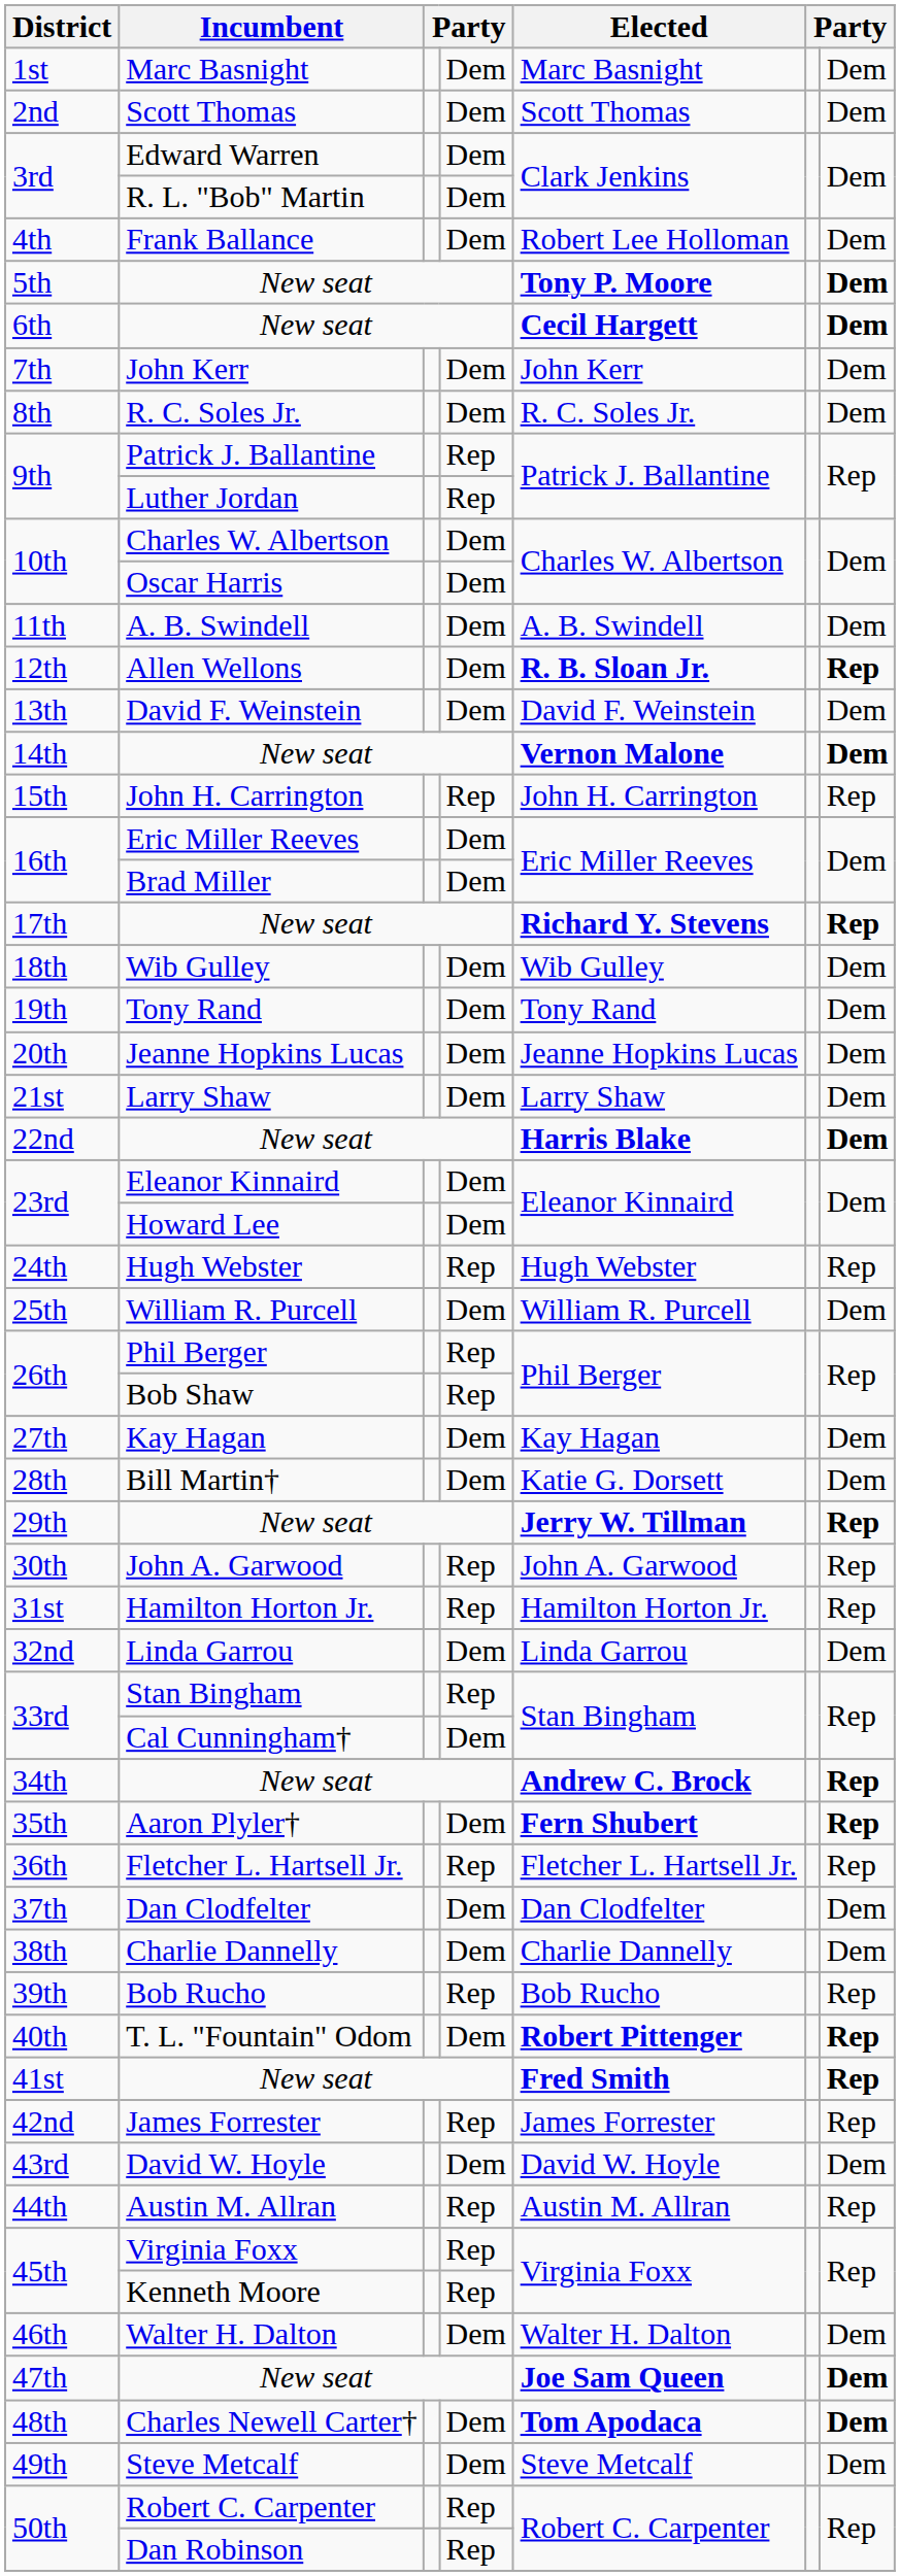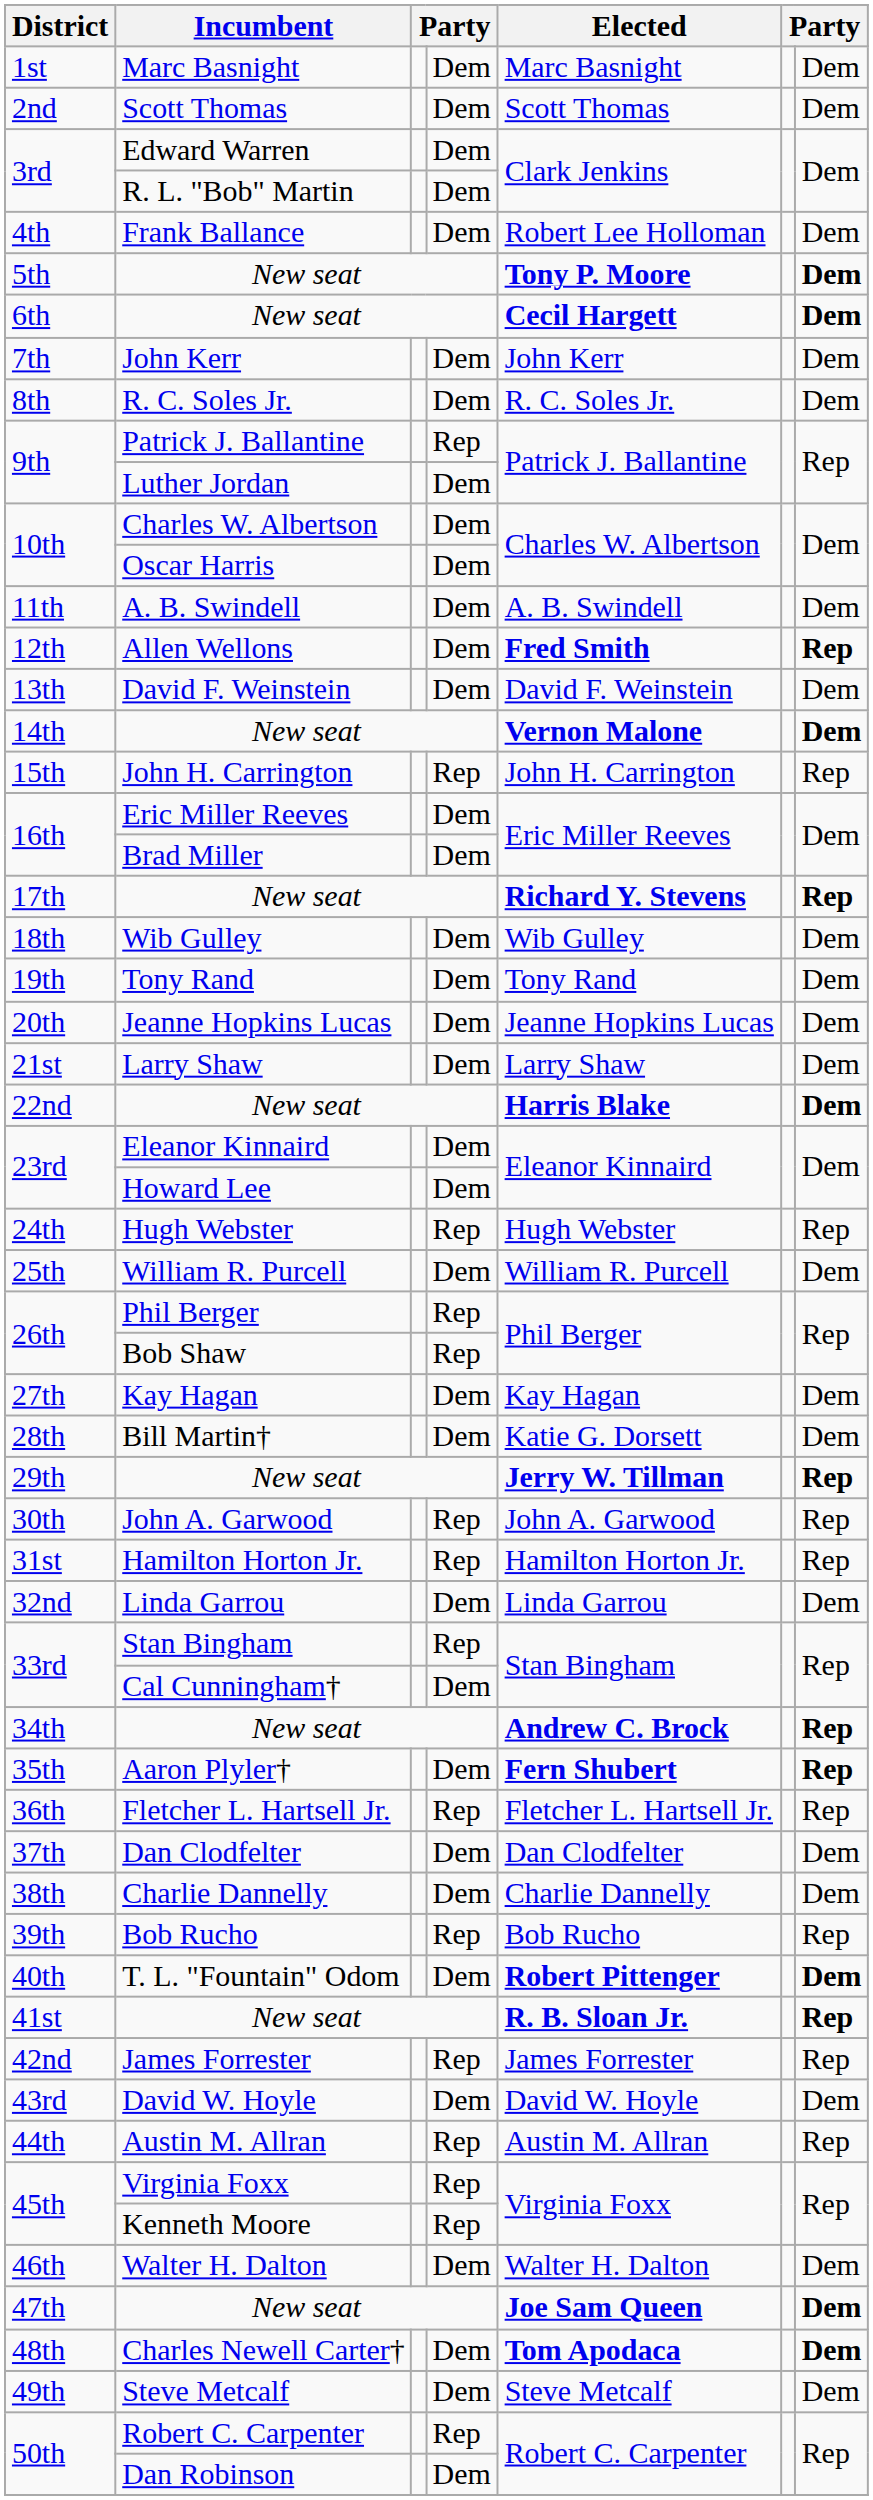 <table class="sortable wikitable" style="font-size:95%;line-height:14px;">
 <tr>
 <th class="unsortable">District</th>
 <th class="unsortable"><a href='#'>Incumbent</a></th>
 <th colspan="2">Party</th>
 <th class="unsortable">Elected</th>
 <th colspan="2">Party</th>
 </tr>
 <tr>
 <td><a href='#'>1st</a></td>
 <td><a href='#'>Marc Basnight</a></td>
 <td style="background:"></td>
 <td>Dem</td>
 <td><a href='#'>Marc Basnight</a></td>
 <td style="background:"></td>
 <td>Dem</td>
 </tr>
 <tr>
 <td><a href='#'>2nd</a></td>
 <td><a href='#'>Scott Thomas</a></td>
 <td style="background:"></td>
 <td>Dem</td>
 <td><a href='#'>Scott Thomas</a></td>
 <td style="background:"></td>
 <td>Dem</td>
 </tr>
 <tr>
 <td rowspan=2><a href='#'>3rd</a></td>
 <td>Edward Warren</td>
 <td style="background:"></td>
 <td>Dem</td>
 <td rowspan=2><a href='#'>Clark Jenkins</a></td>
 <td rowspan=2 style="background:"></td>
 <td rowspan=2>Dem</td>
 </tr>
 <tr>
 <td>R. L. "Bob" Martin</td>
 <td style="background:"></td>
 <td>Dem</td>
 </tr>
 <tr>
 <td><a href='#'>4th</a></td>
 <td><a href='#'>Frank Ballance</a></td>
 <td style="background:"></td>
 <td>Dem</td>
 <td><a href='#'>Robert Lee Holloman</a></td>
 <td style="background:"></td>
 <td>Dem</td>
 </tr>
 <tr>
 <td><a href='#'>5th</a></td>
 <td colspan=3 align=center><em>New seat</em></td>
 <td><strong><a href='#'>Tony P. Moore</a></strong></td>
 <td style="background:"></td>
 <td><strong>Dem</strong></td>
 </tr>
 <tr>
 <td><a href='#'>6th</a></td>
 <td colspan=3 align=center><em>New seat</em></td>
 <td><strong><a href='#'>Cecil Hargett</a></strong></td>
 <td style="background:"></td>
 <td><strong>Dem</strong></td>
 </tr>
 <tr>
 <td><a href='#'>7th</a></td>
 <td><a href='#'>John Kerr</a></td>
 <td style="background:"></td>
 <td>Dem</td>
 <td><a href='#'>John Kerr</a></td>
 <td style="background:"></td>
 <td>Dem</td>
 </tr>
 <tr>
 <td><a href='#'>8th</a></td>
 <td><a href='#'>R. C. Soles Jr.</a></td>
 <td style="background:"></td>
 <td>Dem</td>
 <td><a href='#'>R. C. Soles Jr.</a></td>
 <td style="background:"></td>
 <td>Dem</td>
 </tr>
 <tr>
 <td rowspan=2><a href='#'>9th</a></td>
 <td><a href='#'>Patrick J. Ballantine</a></td>
 <td style="background:"></td>
 <td>Rep</td>
 <td rowspan=2><a href='#'>Patrick J. Ballantine</a></td>
 <td rowspan=2 style="background:"></td>
 <td rowspan=2>Rep</td>
 </tr>
 <tr>
 <td><a href='#'>Luther Jordan</a></td>
 <td style="background:"></td>
-<td>Rep</td>
+<td>Dem</td>
 </tr>
 <tr>
 <td rowspan=2><a href='#'>10th</a></td>
 <td><a href='#'>Charles W. Albertson</a></td>
 <td style="background:"></td>
 <td>Dem</td>
 <td rowspan=2><a href='#'>Charles W. Albertson</a></td>
 <td rowspan=2 style="background:"></td>
 <td rowspan=2>Dem</td>
 </tr>
 <tr>
 <td><a href='#'>Oscar Harris</a></td>
 <td style="background:"></td>
 <td>Dem</td>
 </tr>
 <tr>
 <td><a href='#'>11th</a></td>
 <td><a href='#'>A. B. Swindell</a></td>
 <td style="background:"></td>
 <td>Dem</td>
 <td><a href='#'>A. B. Swindell</a></td>
 <td style="background:"></td>
 <td>Dem</td>
 </tr>
 <tr>
 <td><a href='#'>12th</a></td>
 <td><a href='#'>Allen Wellons</a></td>
 <td style="background:"></td>
 <td>Dem</td>
-<td><strong><a href='#'>R. B. Sloan Jr.</a></strong></td>
+<td><strong><a href='#'>Fred Smith</a></strong></td>
 <td style="background:"></td>
 <td><strong>Rep</strong></td>
 </tr>
 <tr>
 <td><a href='#'>13th</a></td>
 <td><a href='#'>David F. Weinstein</a></td>
 <td style="background:"></td>
 <td>Dem</td>
 <td><a href='#'>David F. Weinstein</a></td>
 <td style="background:"></td>
 <td>Dem</td>
 </tr>
 <tr>
 <td><a href='#'>14th</a></td>
 <td colspan=3 align=center><em>New seat</em></td>
 <td><strong><a href='#'>Vernon Malone</a></strong></td>
 <td style="background:"></td>
 <td><strong>Dem</strong></td>
 </tr>
 <tr>
 <td><a href='#'>15th</a></td>
 <td><a href='#'>John H. Carrington</a></td>
 <td style="background:"></td>
 <td>Rep</td>
 <td><a href='#'>John H. Carrington</a></td>
 <td style="background:"></td>
 <td>Rep</td>
 </tr>
 <tr>
 <td rowspan=2><a href='#'>16th</a></td>
 <td><a href='#'>Eric Miller Reeves</a></td>
 <td style="background:"></td>
 <td>Dem</td>
 <td rowspan=2><a href='#'>Eric Miller Reeves</a></td>
 <td rowspan=2 style="background:"></td>
 <td rowspan=2>Dem</td>
 </tr>
 <tr>
 <td><a href='#'>Brad Miller</a></td>
 <td style="background:"></td>
 <td>Dem</td>
 </tr>
 <tr>
 <td><a href='#'>17th</a></td>
 <td colspan=3 align=center><em>New seat</em></td>
 <td><strong><a href='#'>Richard Y. Stevens</a></strong></td>
 <td style="background:"></td>
 <td><strong>Rep</strong></td>
 </tr>
 <tr>
 <td><a href='#'>18th</a></td>
 <td><a href='#'>Wib Gulley</a></td>
 <td style="background:"></td>
 <td>Dem</td>
 <td><a href='#'>Wib Gulley</a></td>
 <td style="background:"></td>
 <td>Dem</td>
 </tr>
 <tr>
 <td><a href='#'>19th</a></td>
 <td><a href='#'>Tony Rand</a></td>
 <td style="background:"></td>
 <td>Dem</td>
 <td><a href='#'>Tony Rand</a></td>
 <td style="background:"></td>
 <td>Dem</td>
 </tr>
 <tr>
 <td><a href='#'>20th</a></td>
 <td><a href='#'>Jeanne Hopkins Lucas</a></td>
 <td style="background:"></td>
 <td>Dem</td>
 <td><a href='#'>Jeanne Hopkins Lucas</a></td>
 <td style="background:"></td>
 <td>Dem</td>
 </tr>
 <tr>
 <td><a href='#'>21st</a></td>
 <td><a href='#'>Larry Shaw</a></td>
 <td style="background:"></td>
 <td>Dem</td>
 <td><a href='#'>Larry Shaw</a></td>
 <td style="background:"></td>
 <td>Dem</td>
 </tr>
 <tr>
 <td><a href='#'>22nd</a></td>
 <td colspan=3 align=center><em>New seat</em></td>
 <td><strong><a href='#'>Harris Blake</a></strong></td>
 <td style="background:"></td>
 <td><strong>Dem</strong></td>
 </tr>
 <tr>
 <td rowspan=2><a href='#'>23rd</a></td>
 <td><a href='#'>Eleanor Kinnaird</a></td>
 <td style="background:"></td>
 <td>Dem</td>
 <td rowspan=2><a href='#'>Eleanor Kinnaird</a></td>
 <td rowspan=2 style="background:"></td>
 <td rowspan=2>Dem</td>
 </tr>
 <tr>
 <td><a href='#'>Howard Lee</a></td>
 <td style="background:"></td>
 <td>Dem</td>
 </tr>
 <tr>
 <td><a href='#'>24th</a></td>
 <td><a href='#'>Hugh Webster</a></td>
 <td style="background:"></td>
 <td>Rep</td>
 <td><a href='#'>Hugh Webster</a></td>
 <td style="background:"></td>
 <td>Rep</td>
 </tr>
 <tr>
 <td><a href='#'>25th</a></td>
 <td><a href='#'>William R. Purcell</a></td>
 <td style="background:"></td>
 <td>Dem</td>
 <td><a href='#'>William R. Purcell</a></td>
 <td style="background:"></td>
 <td>Dem</td>
 </tr>
 <tr>
 <td rowspan=2><a href='#'>26th</a></td>
 <td><a href='#'>Phil Berger</a></td>
 <td style="background:"></td>
 <td>Rep</td>
 <td rowspan=2><a href='#'>Phil Berger</a></td>
 <td rowspan=2 style="background:"></td>
 <td rowspan=2>Rep</td>
 </tr>
 <tr>
 <td>Bob Shaw</td>
 <td style="background:"></td>
 <td>Rep</td>
 </tr>
 <tr>
 <td><a href='#'>27th</a></td>
 <td><a href='#'>Kay Hagan</a></td>
 <td style="background:"></td>
 <td>Dem</td>
 <td><a href='#'>Kay Hagan</a></td>
 <td style="background:"></td>
 <td>Dem</td>
 </tr>
 <tr>
 <td><a href='#'>28th</a></td>
 <td>Bill Martin†</td>
 <td style="background:"></td>
 <td>Dem</td>
 <td><a href='#'>Katie G. Dorsett</a></td>
 <td style="background:"></td>
 <td>Dem</td>
 </tr>
 <tr>
 <td><a href='#'>29th</a></td>
 <td colspan=3 align=center><em>New seat</em></td>
 <td><strong><a href='#'>Jerry W. Tillman</a></strong></td>
 <td style="background:"></td>
 <td><strong>Rep</strong></td>
 </tr>
 <tr>
 <td><a href='#'>30th</a></td>
 <td><a href='#'>John A. Garwood</a></td>
 <td style="background:"></td>
 <td>Rep</td>
 <td><a href='#'>John A. Garwood</a></td>
 <td style="background:"></td>
 <td>Rep</td>
 </tr>
 <tr>
 <td><a href='#'>31st</a></td>
 <td><a href='#'>Hamilton Horton Jr.</a></td>
 <td style="background:"></td>
 <td>Rep</td>
 <td><a href='#'>Hamilton Horton Jr.</a></td>
 <td style="background:"></td>
 <td>Rep</td>
 </tr>
 <tr>
 <td><a href='#'>32nd</a></td>
 <td><a href='#'>Linda Garrou</a></td>
 <td style="background:"></td>
 <td>Dem</td>
 <td><a href='#'>Linda Garrou</a></td>
 <td style="background:"></td>
 <td>Dem</td>
 </tr>
 <tr>
 <td rowspan=2><a href='#'>33rd</a></td>
 <td><a href='#'>Stan Bingham</a></td>
 <td style="background:"></td>
 <td>Rep</td>
 <td rowspan=2><a href='#'>Stan Bingham</a></td>
 <td rowspan=2 style="background:"></td>
 <td rowspan=2>Rep</td>
 </tr>
 <tr>
 <td><a href='#'>Cal Cunningham</a>†</td>
 <td style="background:"></td>
 <td>Dem</td>
 </tr>
 <tr>
 <td><a href='#'>34th</a></td>
 <td colspan=3 align=center><em>New seat</em></td>
 <td><strong><a href='#'>Andrew C. Brock</a></strong></td>
 <td style="background:"></td>
 <td><strong>Rep</strong></td>
 </tr>
 <tr>
 <td><a href='#'>35th</a></td>
 <td><a href='#'>Aaron Plyler</a>†</td>
 <td style="background:"></td>
 <td>Dem</td>
 <td><strong><a href='#'>Fern Shubert</a></strong></td>
 <td style="background:"></td>
 <td><strong>Rep</strong></td>
 </tr>
 <tr>
 <td><a href='#'>36th</a></td>
 <td><a href='#'>Fletcher L. Hartsell Jr.</a></td>
 <td style="background:"></td>
 <td>Rep</td>
 <td><a href='#'>Fletcher L. Hartsell Jr.</a></td>
 <td style="background:"></td>
 <td>Rep</td>
 </tr>
 <tr>
 <td><a href='#'>37th</a></td>
 <td><a href='#'>Dan Clodfelter</a></td>
 <td style="background:"></td>
 <td>Dem</td>
 <td><a href='#'>Dan Clodfelter</a></td>
 <td style="background:"></td>
 <td>Dem</td>
 </tr>
 <tr>
 <td><a href='#'>38th</a></td>
 <td><a href='#'>Charlie Dannelly</a></td>
 <td style="background:"></td>
 <td>Dem</td>
 <td><a href='#'>Charlie Dannelly</a></td>
 <td style="background:"></td>
 <td>Dem</td>
 </tr>
 <tr>
 <td><a href='#'>39th</a></td>
 <td><a href='#'>Bob Rucho</a></td>
 <td style="background:"></td>
 <td>Rep</td>
 <td><a href='#'>Bob Rucho</a></td>
 <td style="background:"></td>
 <td>Rep</td>
 </tr>
 <tr>
 <td><a href='#'>40th</a></td>
 <td>T. L. "Fountain" Odom</td>
 <td style="background:"></td>
 <td>Dem</td>
 <td><strong><a href='#'>Robert Pittenger</a></strong></td>
 <td style="background:"></td>
-<td><strong>Rep</strong></td>
+<td><strong>Dem</strong></td>
 </tr>
 <tr>
 <td><a href='#'>41st</a></td>
 <td colspan=3 align=center><em>New seat</em></td>
-<td><strong><a href='#'>Fred Smith</a></strong></td>
+<td><strong><a href='#'>R. B. Sloan Jr.</a></strong></td>
 <td style="background:"></td>
 <td><strong>Rep</strong></td>
 </tr>
 <tr>
 <td><a href='#'>42nd</a></td>
 <td><a href='#'>James Forrester</a></td>
 <td style="background:"></td>
 <td>Rep</td>
 <td><a href='#'>James Forrester</a></td>
 <td style="background:"></td>
 <td>Rep</td>
 </tr>
 <tr>
 <td><a href='#'>43rd</a></td>
 <td><a href='#'>David W. Hoyle</a></td>
 <td style="background:"></td>
 <td>Dem</td>
 <td><a href='#'>David W. Hoyle</a></td>
 <td style="background:"></td>
 <td>Dem</td>
 </tr>
 <tr>
 <td><a href='#'>44th</a></td>
 <td><a href='#'>Austin M. Allran</a></td>
 <td style="background:"></td>
 <td>Rep</td>
 <td><a href='#'>Austin M. Allran</a></td>
 <td style="background:"></td>
 <td>Rep</td>
 </tr>
 <tr>
 <td rowspan=2><a href='#'>45th</a></td>
 <td><a href='#'>Virginia Foxx</a></td>
 <td style="background:"></td>
 <td>Rep</td>
 <td rowspan=2><a href='#'>Virginia Foxx</a></td>
 <td rowspan=2 style="background:"></td>
 <td rowspan=2>Rep</td>
 </tr>
 <tr>
 <td>Kenneth Moore</td>
 <td style="background:"></td>
 <td>Rep</td>
 </tr>
 <tr>
 <td><a href='#'>46th</a></td>
 <td><a href='#'>Walter H. Dalton</a></td>
 <td style="background:"></td>
 <td>Dem</td>
 <td><a href='#'>Walter H. Dalton</a></td>
 <td style="background:"></td>
 <td>Dem</td>
 </tr>
 <tr>
 <td><a href='#'>47th</a></td>
 <td colspan=3 align=center><em>New seat</em></td>
 <td><strong><a href='#'>Joe Sam Queen</a></strong></td>
 <td style="background:"></td>
 <td><strong>Dem</strong></td>
 </tr>
 <tr>
 <td><a href='#'>48th</a></td>
 <td><a href='#'>Charles Newell Carter</a>†</td>
 <td style="background:"></td>
 <td>Dem</td>
 <td><strong><a href='#'>Tom Apodaca</a></strong></td>
 <td style="background:"></td>
 <td><strong>Dem</strong></td>
 </tr>
 <tr>
 <td><a href='#'>49th</a></td>
 <td><a href='#'>Steve Metcalf</a></td>
 <td style="background:"></td>
 <td>Dem</td>
 <td><a href='#'>Steve Metcalf</a></td>
 <td style="background:"></td>
 <td>Dem</td>
 </tr>
 <tr>
 <td rowspan=2><a href='#'>50th</a></td>
 <td><a href='#'>Robert C. Carpenter</a></td>
 <td style="background:"></td>
 <td>Rep</td>
 <td rowspan=2><a href='#'>Robert C. Carpenter</a></td>
 <td rowspan=2 style="background:"></td>
 <td rowspan=2>Rep</td>
 </tr>
 <tr>
 <td><a href='#'>Dan Robinson</a></td>
 <td style="background:"></td>
-<td>Rep</td>
+<td>Dem</td>
 </tr>
 <tr>
 </tr>
 </table>
